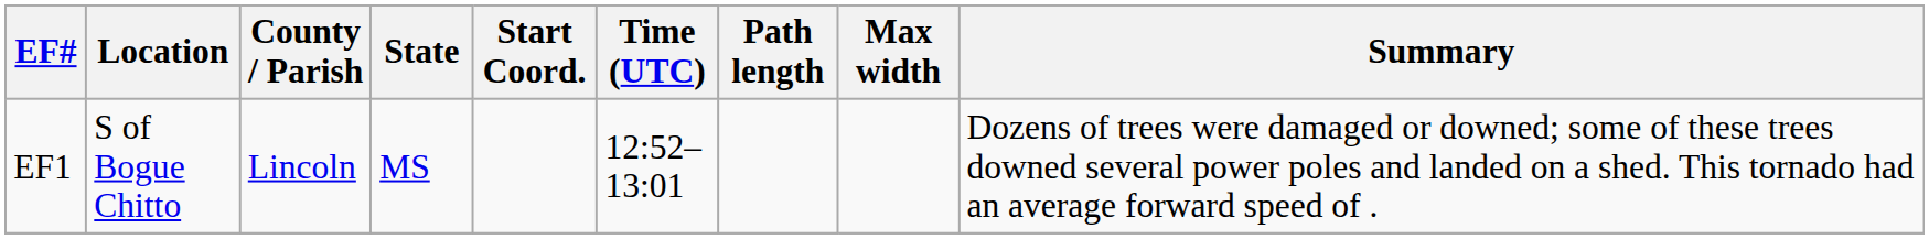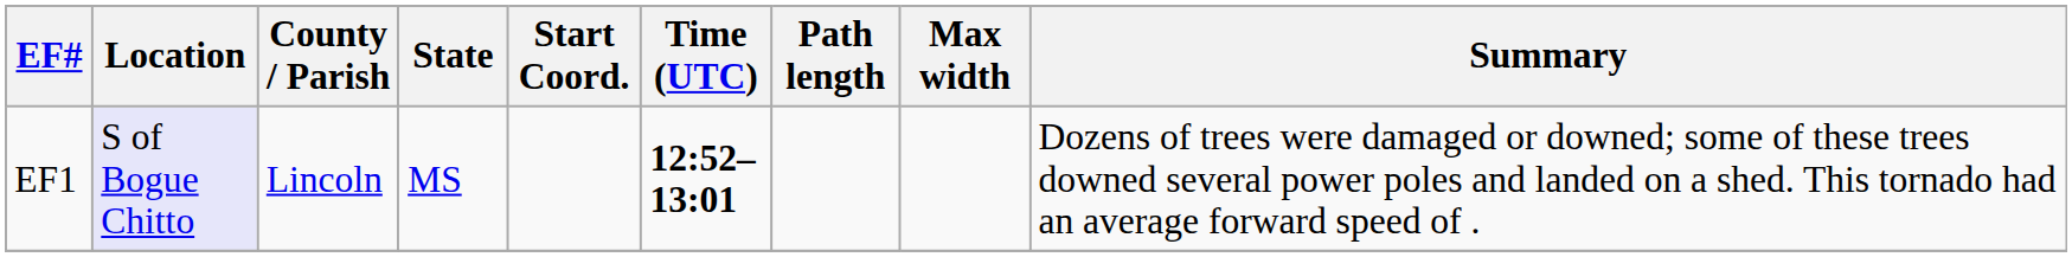 <table class="wikitable sortable" style="width:100%;">
 <tr>
 <th scope="col"  style="width:3%; text-align:center;"><a href='#'>EF#</a></th>
 <th scope="col"  style="width:7%; text-align:center;" class="unsortable">Location</th>
 <th scope="col"  style="width:6%; text-align:center;" class="unsortable">County / Parish</th>
 <th scope="col"  style="width:5%; text-align:center;">State</th>
 <th scope="col"  style="width:6%; text-align:center;">Start Coord.</th>
 <th scope="col"  style="width:6%; text-align:center;">Time (<a href='#'>UTC</a>)</th>
 <th scope="col"  style="width:6%; text-align:center;">Path length</th>
 <th scope="col"  style="width:6%; text-align:center;">Max width</th>
 <th scope="col" class="unsortable" style="width:48%; text-align:center;">Summary</th>
 </tr>
 <tr>
 <td>EF1</td>
-<td>S of <a href='#'>Bogue Chitto</a></td>
+<td style="background: lavender;">S of <a href='#'>Bogue Chitto</a></td>
 <td><a href='#'>Lincoln</a></td>
 <td><a href='#'>MS</a></td>
 <td></td>
-<td>12:52–13:01</td>
+<td><strong>12:52–13:01</strong></td>
 <td></td>
 <td></td>
 <td>Dozens of trees were damaged or downed; some of these trees downed several power poles and landed on a shed. This tornado had an average forward speed of .</td>
 </tr>
 <tr>
 </tr>
 </table>
